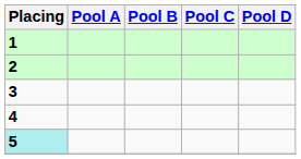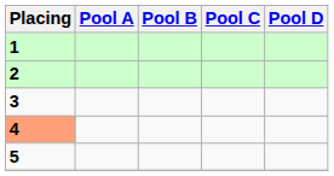 <table class=wikitable style="border:1px solid #AAAAAA;">
 <tr>
 <th>Placing</th>
 <th><a href='#'>Pool A</a></th>
 <th><a href='#'>Pool B</a></th>
 <th><a href='#'>Pool C</a></th>
 <th><a href='#'>Pool D</a></th>
 </tr>
 <tr style="background: #ccffcc;">
 <td><strong>1</strong></td>
 <td></td>
 <td></td>
 <td></td>
 <td></td>
 </tr>
 <tr style="background: #ccffcc;">
 <td><strong>2</strong></td>
 <td></td>
 <td></td>
 <td></td>
 <td></td>
 </tr>
 <tr>
 <td><strong>3</strong></td>
 <td></td>
 <td></td>
 <td></td>
 <td></td>
 </tr>
 <tr>
-<td><strong>4</strong></td>
+<td style="background: lightsalmon;"><strong>4</strong></td>
 <td></td>
 <td></td>
 <td></td>
 <td></td>
 </tr>
 <tr>
-<td style="background: paleturquoise;"><strong>5</strong></td>
+<td><strong>5</strong></td>
 <td></td>
 <td></td>
 <td></td>
 <td></td>
 </tr>
 <tr>
 </tr>
 </table>
